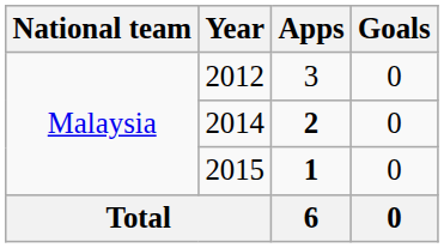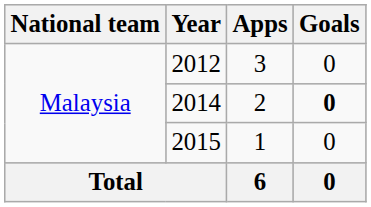 <table class=wikitable style="text-align: center;">
 <tr>
 <th>National team</th>
 <th>Year</th>
 <th>Apps</th>
 <th>Goals</th>
 </tr>
 <tr>
 <td rowspan=3><a href='#'>Malaysia</a></td>
 <td>2012</td>
 <td>3</td>
 <td>0</td>
 </tr>
 <tr>
 <td>2014</td>
-<td><strong>2</strong></td>
-<td>0</td>
+<td>2</td>
+<td><strong>0</strong></td>
 </tr>
 <tr>
 <td>2015</td>
-<td><strong>1</strong></td>
+<td>1</td>
 <td>0</td>
 </tr>
 <tr>
 <th colspan=2>Total</th>
 <th>6</th>
 <th>0</th>
 </tr>
 </table>
